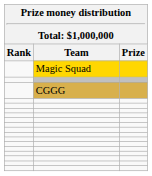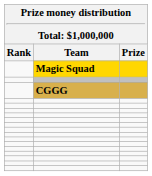 <table class="wikitable" style="text-align:center">
 <tr>
 <th colspan=4>Prize money distribution <hr> Total: $1,000,000</th>
 </tr>
 <tr>
 <th>Rank</th>
 <th width="125px">Team</th>
 <th>Prize </th>
 </tr>
 <tr>
 <td></td>
-<td align=left style="background:gold"> Magic Squad</td>
+<td align=left style="background:gold"><strong> Magic Squad</strong></td>
 <td style="background:gold"></td>
 </tr>
 <tr>
 <td></td>
 <td align=left style="background:silver"></td>
 <td style="background:silver"></td>
 </tr>
 <tr>
 <td></td>
-<td align=left style="background:#D8B04C"> CGGG</td>
+<td align=left style="background:#D8B04C"><strong> CGGG</strong></td>
 <td style="background:#D8B04C"></td>
 </tr>
 <tr>
 <td></td>
 <td style="text-align:left"></td>
 <td></td>
 </tr>
 <tr>
 <td></td>
 <td style="text-align:left"></td>
 <td></td>
 </tr>
 <tr>
 <td></td>
 <td style="text-align:left"></td>
 <td></td>
 </tr>
 <tr>
 <td></td>
 <td style="text-align:left"></td>
 <td></td>
 </tr>
 <tr>
 <td></td>
 <td style="text-align:left"></td>
 <td></td>
 </tr>
 <tr>
 <td></td>
 <td style="text-align:left"></td>
 <td></td>
 </tr>
 <tr>
 <td></td>
 <td style="text-align:left"></td>
 <td></td>
 </tr>
 <tr>
 <td></td>
 <td style="text-align:left"></td>
 <td></td>
 </tr>
 <tr>
 <td></td>
 <td style="text-align:left"></td>
 <td></td>
 </tr>
 <tr>
 <td></td>
 <td style="text-align:left"></td>
 <td></td>
 </tr>
 <tr>
 <td></td>
 <td style="text-align:left"></td>
 <td></td>
 </tr>
 <tr>
 <td></td>
 <td style="text-align:left"></td>
 <td></td>
 </tr>
 <tr>
 <td></td>
 <td style="text-align:left"></td>
 <td></td>
 </tr>
 <tr>
 <td></td>
 <td style="text-align:left"></td>
 <td></td>
 </tr>
 <tr>
 <td></td>
 <td style="text-align:left"></td>
 <td></td>
 </tr>
 </table>
